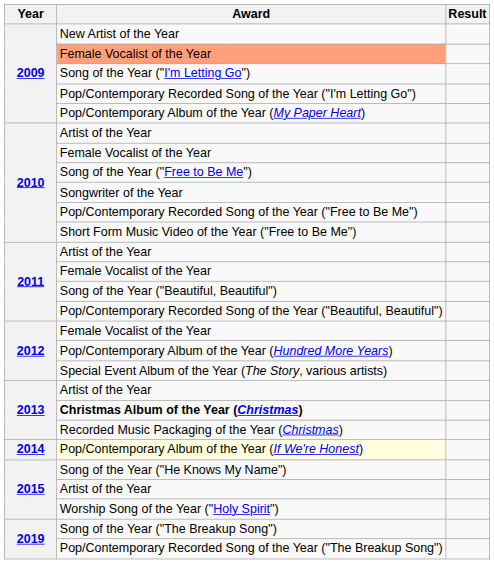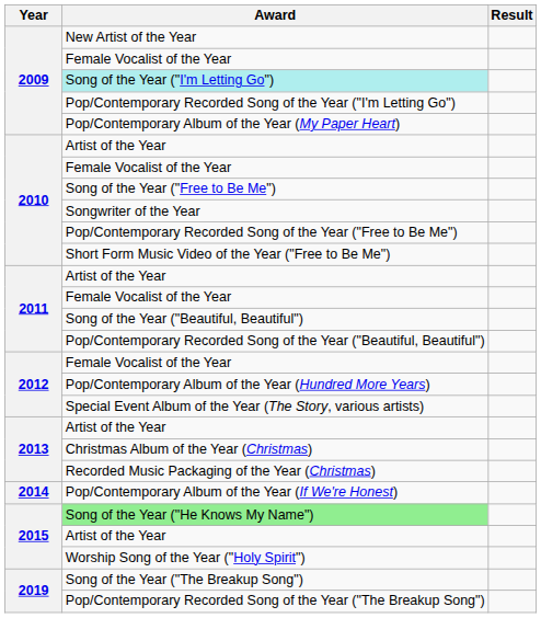 <table class="wikitable">
 <tr>
 <th style="width:60px;">Year</th>
 <th>Award</th>
 <th>Result</th>
 </tr>
 <tr>
 <th rowspan="5"><a href='#'>2009</a></th>
 <td>New Artist of the Year</td>
 <td></td>
 </tr>
 <tr>
-<td style="background: lightsalmon;">Female Vocalist of the Year</td>
+<td>Female Vocalist of the Year</td>
 <td></td>
 </tr>
 <tr>
-<td>Song of the Year ("<a href='#'>I'm Letting Go</a>")</td>
+<td style="background: paleturquoise;">Song of the Year ("<a href='#'>I'm Letting Go</a>")</td>
 <td></td>
 </tr>
 <tr>
 <td>Pop/Contemporary Recorded Song of the Year ("I'm Letting Go")</td>
 <td></td>
 </tr>
 <tr>
 <td>Pop/Contemporary Album of the Year (<em><a href='#'>My Paper Heart</a></em>)</td>
 <td></td>
 </tr>
 <tr>
 <th rowspan="6"><a href='#'>2010</a></th>
 <td>Artist of the Year</td>
 <td></td>
 </tr>
 <tr>
 <td>Female Vocalist of the Year</td>
 <td></td>
 </tr>
 <tr>
 <td>Song of the Year ("<a href='#'>Free to Be Me</a>")</td>
 <td></td>
 </tr>
 <tr>
 <td>Songwriter of the Year</td>
 <td></td>
 </tr>
 <tr>
 <td>Pop/Contemporary Recorded Song of the Year ("Free to Be Me")</td>
 <td></td>
 </tr>
 <tr>
 <td>Short Form Music Video of the Year ("Free to Be Me")</td>
 <td></td>
 </tr>
 <tr>
 <th rowspan="4"><a href='#'>2011</a></th>
 <td>Artist of the Year</td>
 <td></td>
 </tr>
 <tr>
 <td>Female Vocalist of the Year</td>
 <td></td>
 </tr>
 <tr>
 <td>Song of the Year ("Beautiful, Beautiful")</td>
 <td></td>
 </tr>
 <tr>
 <td>Pop/Contemporary Recorded Song of the Year ("Beautiful, Beautiful")</td>
 <td></td>
 </tr>
 <tr>
 <th rowspan="3"><a href='#'>2012</a></th>
 <td>Female Vocalist of the Year</td>
 <td></td>
 </tr>
 <tr>
 <td>Pop/Contemporary Album of the Year (<em><a href='#'>Hundred More Years</a></em>)</td>
 <td></td>
 </tr>
 <tr>
 <td>Special Event Album of the Year (<em>The Story</em>, various artists)</td>
 <td></td>
 </tr>
 <tr>
 <th rowspan="3"><a href='#'>2013</a></th>
 <td>Artist of the Year</td>
 <td></td>
 </tr>
 <tr>
-<td><strong>Christmas Album of the Year (<em><a href='#'>Christmas</a></em>)</strong></td>
+<td>Christmas Album of the Year (<em><a href='#'>Christmas</a></em>)</td>
 <td></td>
 </tr>
 <tr>
 <td>Recorded Music Packaging of the Year (<em><a href='#'>Christmas</a></em>)</td>
 <td></td>
 </tr>
 <tr>
 <th><a href='#'>2014</a></th>
-<td style="background: lightyellow;">Pop/Contemporary Album of the Year (<em><a href='#'>If We're Honest</a></em>)</td>
+<td>Pop/Contemporary Album of the Year (<em><a href='#'>If We're Honest</a></em>)</td>
 <td></td>
 </tr>
 <tr>
 <th rowspan="3"><a href='#'>2015</a></th>
-<td>Song of the Year ("He Knows My Name")</td>
+<td style="background: lightgreen;">Song of the Year ("He Knows My Name")</td>
 <td></td>
 </tr>
 <tr>
 <td>Artist of the Year</td>
 <td></td>
 </tr>
 <tr>
 <td>Worship Song of the Year ("<a href='#'>Holy Spirit</a>")</td>
 <td></td>
 </tr>
 <tr>
 <th rowspan="2"><a href='#'>2019</a></th>
 <td>Song of the Year ("The Breakup Song")</td>
 <td></td>
 </tr>
 <tr>
 <td>Pop/Contemporary Recorded Song of the Year ("The Breakup Song")</td>
 <td></td>
 </tr>
 </table>
